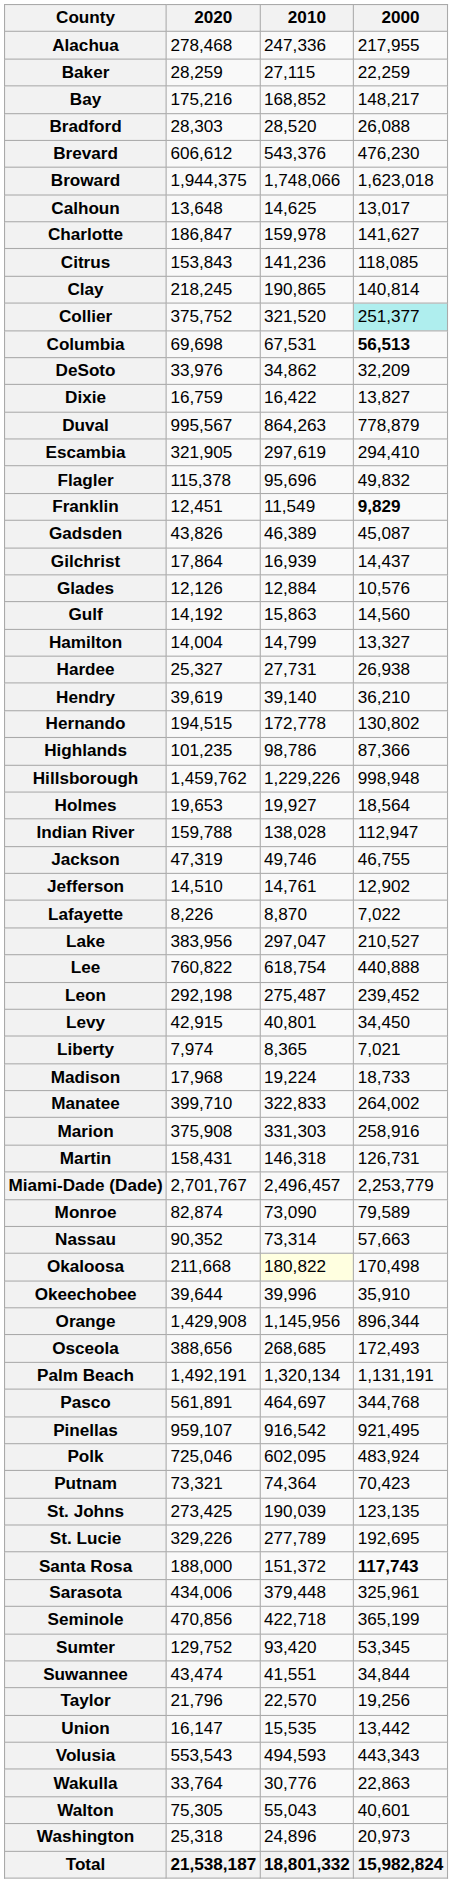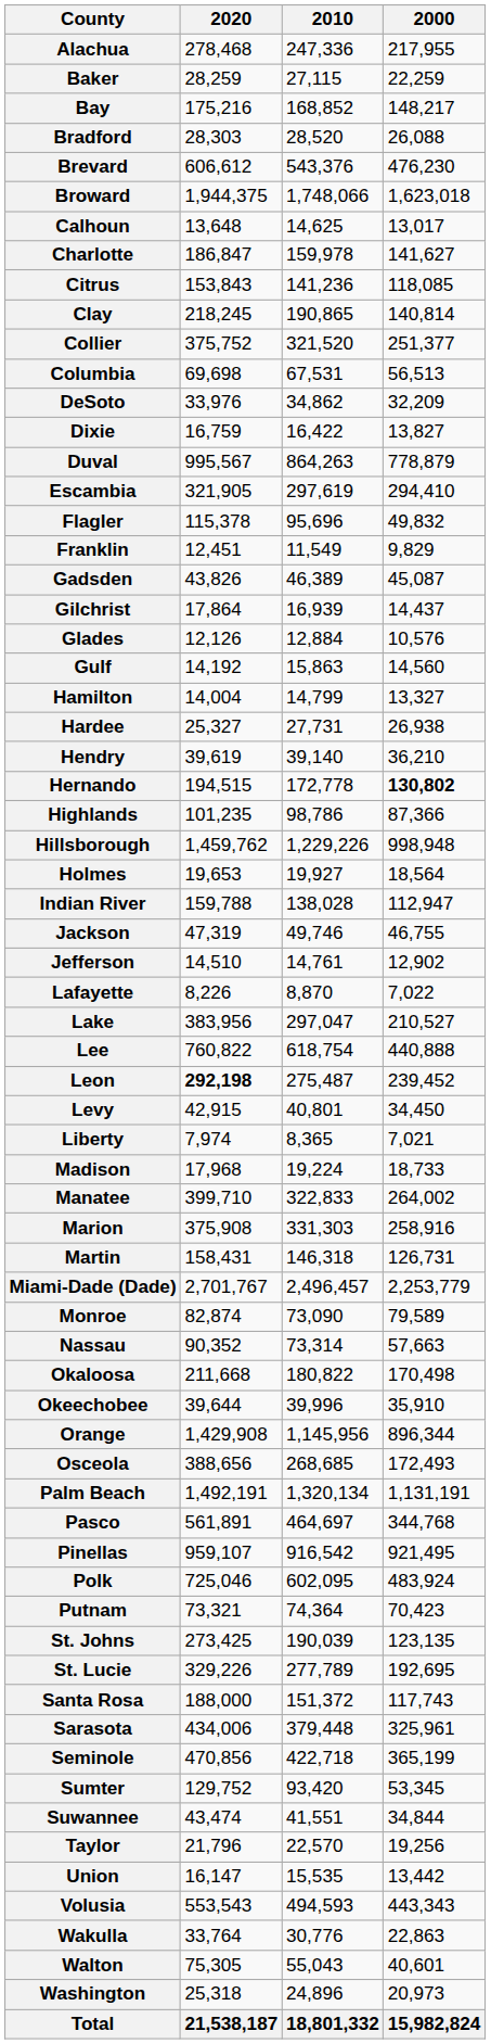 <table class="wikitable sortable mw-collapsible mw-collapsed">
 <tr>
 <th>County</th>
 <th>2020</th>
 <th>2010</th>
 <th>2000</th>
 </tr>
 <tr>
 <th>Alachua</th>
 <td>278,468</td>
 <td>247,336</td>
 <td>217,955</td>
 </tr>
 <tr>
 <th>Baker</th>
 <td>28,259</td>
 <td>27,115</td>
 <td>22,259</td>
 </tr>
 <tr>
 <th>Bay</th>
 <td>175,216</td>
 <td>168,852</td>
 <td>148,217</td>
 </tr>
 <tr>
 <th>Bradford</th>
 <td>28,303</td>
 <td>28,520</td>
 <td>26,088</td>
 </tr>
 <tr>
 <th>Brevard</th>
 <td>606,612</td>
 <td>543,376</td>
 <td>476,230</td>
 </tr>
 <tr>
 <th>Broward</th>
 <td>1,944,375</td>
 <td>1,748,066</td>
 <td>1,623,018</td>
 </tr>
 <tr>
 <th>Calhoun</th>
 <td>13,648</td>
 <td>14,625</td>
 <td>13,017</td>
 </tr>
 <tr>
 <th>Charlotte</th>
 <td>186,847</td>
 <td>159,978</td>
 <td>141,627</td>
 </tr>
 <tr>
 <th>Citrus</th>
 <td>153,843</td>
 <td>141,236</td>
 <td>118,085</td>
 </tr>
 <tr>
 <th>Clay</th>
 <td>218,245</td>
 <td>190,865</td>
 <td>140,814</td>
 </tr>
 <tr>
 <th>Collier</th>
 <td>375,752</td>
 <td>321,520</td>
-<td style="background: paleturquoise;">251,377</td>
+<td>251,377</td>
 </tr>
 <tr>
 <th>Columbia</th>
 <td>69,698</td>
 <td>67,531</td>
-<td><strong>56,513</strong></td>
+<td>56,513</td>
 </tr>
 <tr>
 <th>DeSoto</th>
 <td>33,976</td>
 <td>34,862</td>
 <td>32,209</td>
 </tr>
 <tr>
 <th>Dixie</th>
 <td>16,759</td>
 <td>16,422</td>
 <td>13,827</td>
 </tr>
 <tr>
 <th>Duval</th>
 <td>995,567</td>
 <td>864,263</td>
 <td>778,879</td>
 </tr>
 <tr>
 <th>Escambia</th>
 <td>321,905</td>
 <td>297,619</td>
 <td>294,410</td>
 </tr>
 <tr>
 <th>Flagler</th>
 <td>115,378</td>
 <td>95,696</td>
 <td>49,832</td>
 </tr>
 <tr>
 <th>Franklin</th>
 <td>12,451</td>
 <td>11,549</td>
-<td><strong>9,829</strong></td>
+<td>9,829</td>
 </tr>
 <tr>
 <th>Gadsden</th>
 <td>43,826</td>
 <td>46,389</td>
 <td>45,087</td>
 </tr>
 <tr>
 <th>Gilchrist</th>
 <td>17,864</td>
 <td>16,939</td>
 <td>14,437</td>
 </tr>
 <tr>
 <th>Glades</th>
 <td>12,126</td>
 <td>12,884</td>
 <td>10,576</td>
 </tr>
 <tr>
 <th>Gulf</th>
 <td>14,192</td>
 <td>15,863</td>
 <td>14,560</td>
 </tr>
 <tr>
 <th>Hamilton</th>
 <td>14,004</td>
 <td>14,799</td>
 <td>13,327</td>
 </tr>
 <tr>
 <th>Hardee</th>
 <td>25,327</td>
 <td>27,731</td>
 <td>26,938</td>
 </tr>
 <tr>
 <th>Hendry</th>
 <td>39,619</td>
 <td>39,140</td>
 <td>36,210</td>
 </tr>
 <tr>
 <th>Hernando</th>
 <td>194,515</td>
 <td>172,778</td>
-<td>130,802</td>
+<td><strong>130,802</strong></td>
 </tr>
 <tr>
 <th>Highlands</th>
 <td>101,235</td>
 <td>98,786</td>
 <td>87,366</td>
 </tr>
 <tr>
 <th>Hillsborough</th>
 <td>1,459,762</td>
 <td>1,229,226</td>
 <td>998,948</td>
 </tr>
 <tr>
 <th>Holmes</th>
 <td>19,653</td>
 <td>19,927</td>
 <td>18,564</td>
 </tr>
 <tr>
 <th>Indian River</th>
 <td>159,788</td>
 <td>138,028</td>
 <td>112,947</td>
 </tr>
 <tr>
 <th>Jackson</th>
 <td>47,319</td>
 <td>49,746</td>
 <td>46,755</td>
 </tr>
 <tr>
 <th>Jefferson</th>
 <td>14,510</td>
 <td>14,761</td>
 <td>12,902</td>
 </tr>
 <tr>
 <th>Lafayette</th>
 <td>8,226</td>
 <td>8,870</td>
 <td>7,022</td>
 </tr>
 <tr>
 <th>Lake</th>
 <td>383,956</td>
 <td>297,047</td>
 <td>210,527</td>
 </tr>
 <tr>
 <th>Lee</th>
 <td>760,822</td>
 <td>618,754</td>
 <td>440,888</td>
 </tr>
 <tr>
 <th>Leon</th>
-<td>292,198</td>
+<td><strong>292,198</strong></td>
 <td>275,487</td>
 <td>239,452</td>
 </tr>
 <tr>
 <th>Levy</th>
 <td>42,915</td>
 <td>40,801</td>
 <td>34,450</td>
 </tr>
 <tr>
 <th>Liberty</th>
 <td>7,974</td>
 <td>8,365</td>
 <td>7,021</td>
 </tr>
 <tr>
 <th>Madison</th>
 <td>17,968</td>
 <td>19,224</td>
 <td>18,733</td>
 </tr>
 <tr>
 <th>Manatee</th>
 <td>399,710</td>
 <td>322,833</td>
 <td>264,002</td>
 </tr>
 <tr>
 <th>Marion</th>
 <td>375,908</td>
 <td>331,303</td>
 <td>258,916</td>
 </tr>
 <tr>
 <th>Martin</th>
 <td>158,431</td>
 <td>146,318</td>
 <td>126,731</td>
 </tr>
 <tr>
 <th>Miami-Dade (Dade)</th>
 <td>2,701,767</td>
 <td>2,496,457</td>
 <td>2,253,779</td>
 </tr>
 <tr>
 <th>Monroe</th>
 <td>82,874</td>
 <td>73,090</td>
 <td>79,589</td>
 </tr>
 <tr>
 <th>Nassau</th>
 <td>90,352</td>
 <td>73,314</td>
 <td>57,663</td>
 </tr>
 <tr>
 <th>Okaloosa</th>
 <td>211,668</td>
-<td style="background: lightyellow;">180,822</td>
+<td>180,822</td>
 <td>170,498</td>
 </tr>
 <tr>
 <th>Okeechobee</th>
 <td>39,644</td>
 <td>39,996</td>
 <td>35,910</td>
 </tr>
 <tr>
 <th>Orange</th>
 <td>1,429,908</td>
 <td>1,145,956</td>
 <td>896,344</td>
 </tr>
 <tr>
 <th>Osceola</th>
 <td>388,656</td>
 <td>268,685</td>
 <td>172,493</td>
 </tr>
 <tr>
 <th>Palm Beach</th>
 <td>1,492,191</td>
 <td>1,320,134</td>
 <td>1,131,191</td>
 </tr>
 <tr>
 <th>Pasco</th>
 <td>561,891</td>
 <td>464,697</td>
 <td>344,768</td>
 </tr>
 <tr>
 <th>Pinellas</th>
 <td>959,107</td>
 <td>916,542</td>
 <td>921,495</td>
 </tr>
 <tr>
 <th>Polk</th>
 <td>725,046</td>
 <td>602,095</td>
 <td>483,924</td>
 </tr>
 <tr>
 <th>Putnam</th>
 <td>73,321</td>
 <td>74,364</td>
 <td>70,423</td>
 </tr>
 <tr>
 <th>St. Johns</th>
 <td>273,425</td>
 <td>190,039</td>
 <td>123,135</td>
 </tr>
 <tr>
 <th>St. Lucie</th>
 <td>329,226</td>
 <td>277,789</td>
 <td>192,695</td>
 </tr>
 <tr>
 <th>Santa Rosa</th>
 <td>188,000</td>
 <td>151,372</td>
-<td><strong>117,743</strong></td>
+<td>117,743</td>
 </tr>
 <tr>
 <th>Sarasota</th>
 <td>434,006</td>
 <td>379,448</td>
 <td>325,961</td>
 </tr>
 <tr>
 <th>Seminole</th>
 <td>470,856</td>
 <td>422,718</td>
 <td>365,199</td>
 </tr>
 <tr>
 <th>Sumter</th>
 <td>129,752</td>
 <td>93,420</td>
 <td>53,345</td>
 </tr>
 <tr>
 <th>Suwannee</th>
 <td>43,474</td>
 <td>41,551</td>
 <td>34,844</td>
 </tr>
 <tr>
 <th>Taylor</th>
 <td>21,796</td>
 <td>22,570</td>
 <td>19,256</td>
 </tr>
 <tr>
 <th>Union</th>
 <td>16,147</td>
 <td>15,535</td>
 <td>13,442</td>
 </tr>
 <tr>
 <th>Volusia</th>
 <td>553,543</td>
 <td>494,593</td>
 <td>443,343</td>
 </tr>
 <tr>
 <th>Wakulla</th>
 <td>33,764</td>
 <td>30,776</td>
 <td>22,863</td>
 </tr>
 <tr>
 <th>Walton</th>
 <td>75,305</td>
 <td>55,043</td>
 <td>40,601</td>
 </tr>
 <tr>
 <th>Washington</th>
 <td>25,318</td>
 <td>24,896</td>
 <td>20,973</td>
 </tr>
 <tr>
 <th>Total</th>
 <th>21,538,187</th>
 <th>18,801,332</th>
 <th>15,982,824</th>
 </tr>
 </table>
